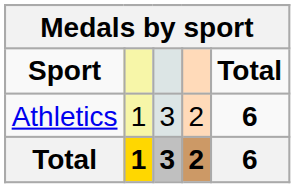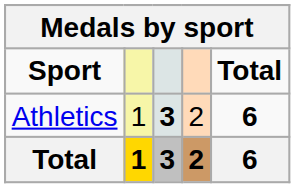 <table class="wikitable" style=font-size:85%;float:center;text-align:center>
 <tr style="background:#efefef;">
 <th colspan=5><strong>Medals by sport</strong></th>
 </tr>
 <tr align=center>
 <td><strong>Sport</strong></td>
 <td bgcolor=#f7f6a8></td>
 <td bgcolor=#dce5e5></td>
 <td bgcolor=#ffdab9></td>
 <td><strong>Total</strong></td>
 </tr>
 <tr align=center>
 <td><a href='#'>Athletics</a></td>
 <td style="background:#F7F6A8;">1</td>
-<td style="background:#DCE5E5;">3</td>
+<td style="background:#DCE5E5;"><strong>3</strong></td>
 <td style="background:#FFDAB9;">2</td>
 <td><strong>6</strong></td>
 </tr>
 <tr align=center>
 <th><strong>Total</strong></th>
 <th style="background:gold;"><strong>1</strong></th>
 <th style="background:silver;"><strong>3</strong></th>
 <th style="background:#c96;"><strong>2</strong></th>
 <th><strong>6</strong></th>
 </tr>
 </table>
